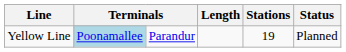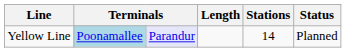 <table class="wikitable sortable" style="text-align:left; font-size:90%;">
 <tr>
 <th>Line</th>
 <th colspan="2">Terminals</th>
 <th>Length</th>
 <th>Stations</th>
 <th>Status</th>
 </tr>
 <tr>
 <td style="background:#"><span>Yellow Line</span></td>
 <td style="background: lightblue;"><a href='#'>Poonamallee</a></td>
-<td><a href='#'>Parandur</a></td>
+<td style="background: lavender;"><a href='#'>Parandur</a></td>
 <td style="text-align:center;"></td>
-<td style="text-align:center;">19</td>
+<td style="text-align:center;">14</td>
 <td>Planned</td>
 </tr>
 </table>
